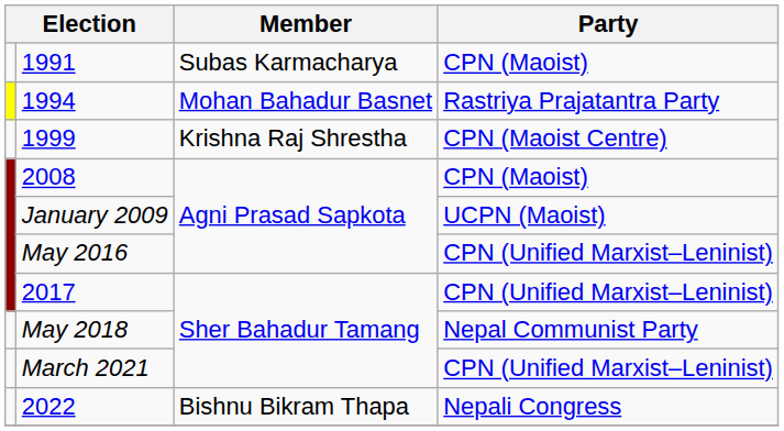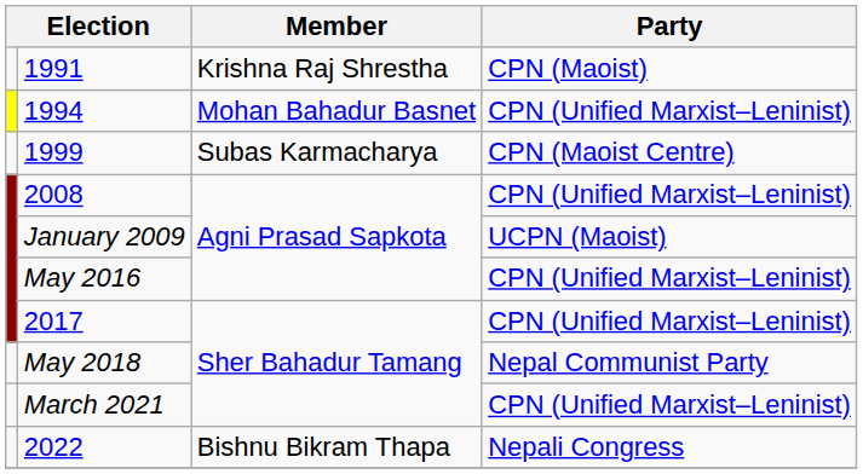 <table class="wikitable">
 <tr>
 <th colspan="2">Election</th>
 <th>Member</th>
 <th>Party</th>
 </tr>
 <tr>
 <td style="background-color:"></td>
 <td><a href='#'>1991</a></td>
-<td>Subas Karmacharya</td>
+<td>Krishna Raj Shrestha</td>
 <td><a href='#'>CPN (Maoist)</a></td>
 </tr>
 <tr>
 <td style="background-color:yellow"></td>
 <td><a href='#'>1994</a></td>
 <td><a href='#'>Mohan Bahadur Basnet</a></td>
-<td><a href='#'>Rastriya Prajatantra Party</a></td>
+<td><a href='#'>CPN (Unified Marxist–Leninist)</a></td>
 </tr>
 <tr>
 <td style="background-color:"></td>
 <td><a href='#'>1999</a></td>
-<td>Krishna Raj Shrestha</td>
+<td>Subas Karmacharya</td>
 <td><a href='#'>CPN (Maoist Centre)</a></td>
 </tr>
 <tr>
 <td rowspan="4" style="background-color:darkred"></td>
 <td><a href='#'>2008</a></td>
 <td rowspan="3"><a href='#'>Agni Prasad Sapkota</a></td>
-<td><a href='#'>CPN (Maoist)</a></td>
+<td><a href='#'>CPN (Unified Marxist–Leninist)</a></td>
 </tr>
 <tr>
 <td><em>January 2009</em></td>
 <td><a href='#'>UCPN (Maoist)</a></td>
 </tr>
 <tr>
 <td><em>May 2016</em></td>
 <td><a href='#'>CPN (Unified Marxist–Leninist)</a></td>
 </tr>
 <tr>
 <td><a href='#'>2017</a></td>
 <td rowspan="3"><a href='#'>Sher Bahadur Tamang</a></td>
 <td><a href='#'>CPN (Unified Marxist–Leninist)</a></td>
 </tr>
 <tr>
 <td style="background-color:"></td>
 <td><em>May 2018</em></td>
 <td><a href='#'>Nepal Communist Party</a></td>
 </tr>
 <tr>
 <td></td>
 <td><em>March 2021</em></td>
 <td><a href='#'>CPN (Unified Marxist–Leninist)</a></td>
 </tr>
 <tr>
 <td></td>
 <td><a href='#'>2022</a></td>
 <td>Bishnu Bikram Thapa</td>
 <td><a href='#'>Nepali Congress</a></td>
 </tr>
 <tr>
 </tr>
 </table>
